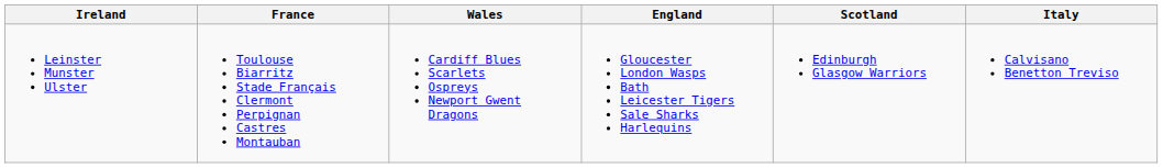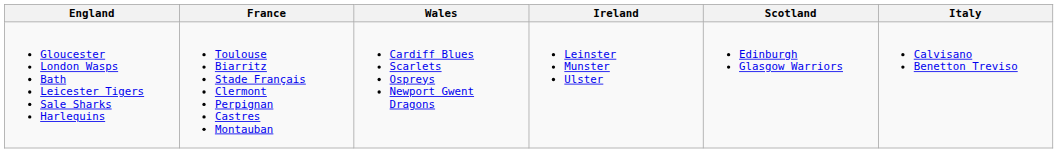 <table class="wikitable" width=100%>
 <tr>
-<th width=16%>Ireland</th>
+<th width=16%>England</th>
 <th width=16%>France</th>
 <th width=16%>Wales</th>
-<th width=16%>England</th>
+<th width=16%>Ireland</th>
 <th width=16%>Scotland</th>
 <th width=16%>Italy</th>
 </tr>
 <tr valign=top>
-<td><br><ul><li><a href='#'>Leinster</a></li><li><a href='#'>Munster</a></li><li><a href='#'>Ulster</a></li></ul></td>
+<td><br><ul><li><a href='#'>Gloucester</a></li><li><a href='#'>London Wasps</a></li><li><a href='#'>Bath</a></li><li><a href='#'>Leicester Tigers</a></li><li><a href='#'>Sale Sharks</a></li><li><a href='#'>Harlequins</a></li></ul></td>
 <td><br><ul><li><a href='#'>Toulouse</a></li><li><a href='#'>Biarritz</a></li><li><a href='#'>Stade Français</a></li><li><a href='#'>Clermont</a></li><li><a href='#'>Perpignan</a></li><li><a href='#'>Castres</a></li><li><a href='#'>Montauban</a></li></ul></td>
 <td><br><ul><li><a href='#'>Cardiff Blues</a></li><li><a href='#'>Scarlets</a></li><li><a href='#'>Ospreys</a></li><li><a href='#'>Newport Gwent Dragons</a></li></ul></td>
-<td><br><ul><li><a href='#'>Gloucester</a></li><li><a href='#'>London Wasps</a></li><li><a href='#'>Bath</a></li><li><a href='#'>Leicester Tigers</a></li><li><a href='#'>Sale Sharks</a></li><li><a href='#'>Harlequins</a></li></ul></td>
+<td><br><ul><li><a href='#'>Leinster</a></li><li><a href='#'>Munster</a></li><li><a href='#'>Ulster</a></li></ul></td>
 <td><br><ul><li><a href='#'>Edinburgh</a></li><li><a href='#'>Glasgow Warriors</a></li></ul></td>
 <td><br><ul><li><a href='#'>Calvisano</a></li><li><a href='#'>Benetton Treviso</a></li></ul></td>
 </tr>
 </table>
